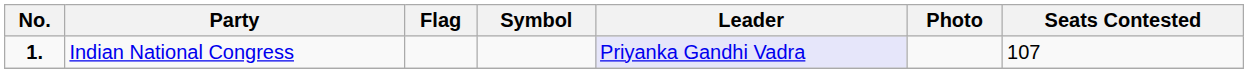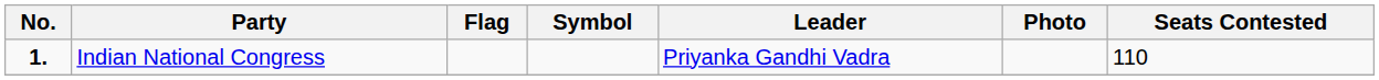 <table class="wikitable sortable" width="50%">
 <tr>
 <th>No.</th>
 <th>Party</th>
 <th>Flag</th>
 <th>Symbol</th>
 <th>Leader</th>
 <th>Photo</th>
 <th>Seats Contested</th>
 </tr>
 <tr>
 <td ! style="text-align:center; background:"><strong>1.</strong></td>
 <td><a href='#'>Indian National Congress</a></td>
 <td></td>
 <td></td>
-<td style="background: lavender;"><a href='#'>Priyanka Gandhi Vadra</a></td>
+<td><a href='#'>Priyanka Gandhi Vadra</a></td>
 <td></td>
-<td>107</td>
+<td>110</td>
 </tr>
 <tr>
 </tr>
 </table>
